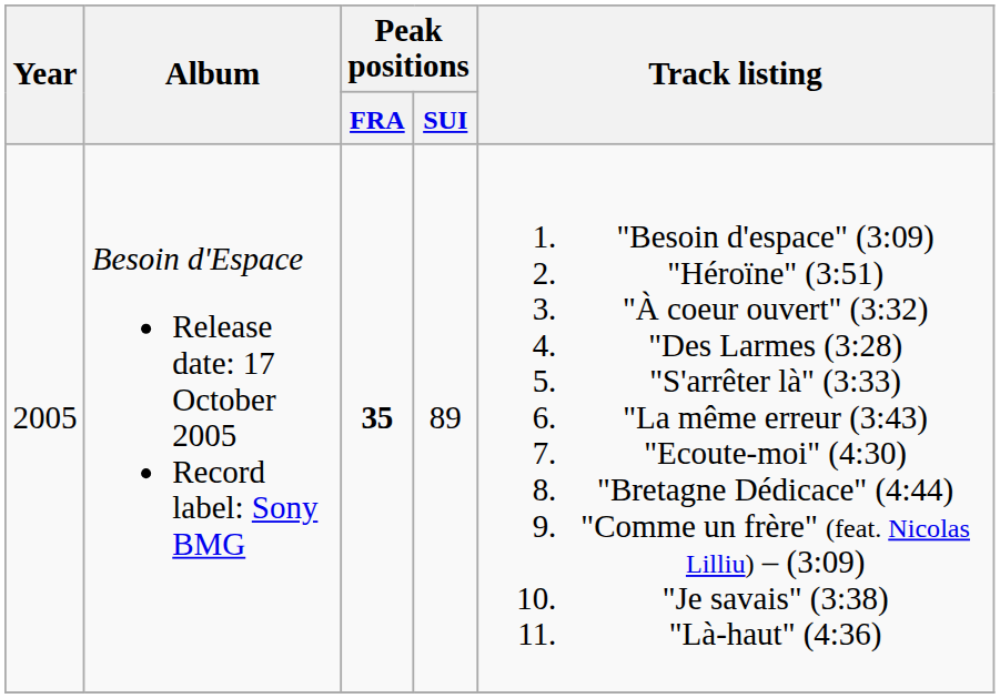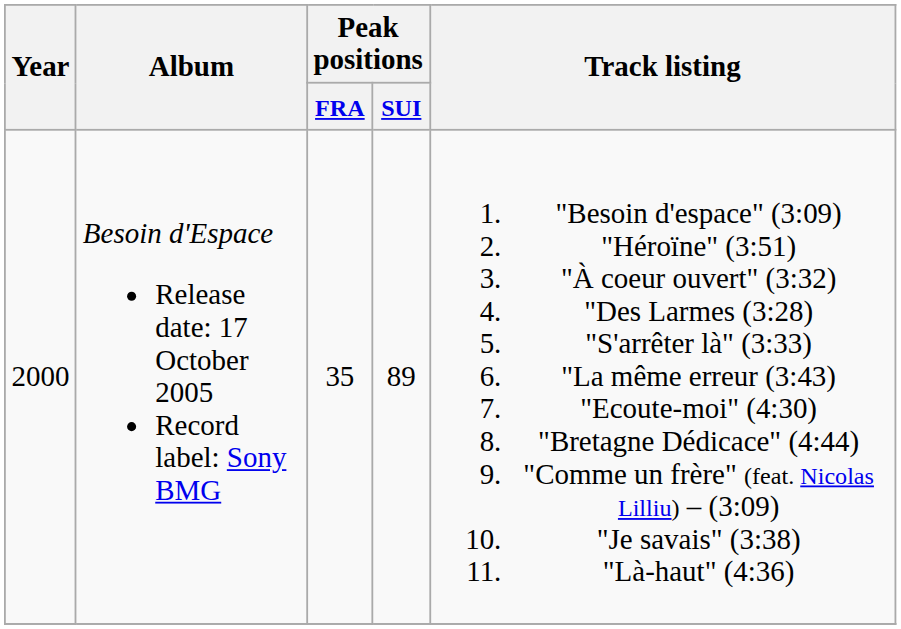 <table class="wikitable">
 <tr>
 <th align="center" rowspan="2" width="10">Year</th>
 <th align="center" rowspan="2" width="120">Album</th>
 <th align="center" colspan="2" width="30">Peak positions</th>
 <th align="center" rowspan="2" width="250">Track listing</th>
 </tr>
 <tr>
 <th width="20"><small><a href='#'>FRA</a><br></small></th>
 <th width="20"><small><a href='#'>SUI</a></small><br></th>
 </tr>
 <tr>
-<td align="center" rowspan="1">2005</td>
+<td align="center" rowspan="1">2000</td>
 <td><em>Besoin d'Espace</em><br><ul><li>Release date: 17 October 2005</li><li>Record label: <a href='#'>Sony BMG</a></li></ul></td>
-<td align="center"><strong>35</strong></td>
+<td align="center">35</td>
 <td align="center">89</td>
 <td align="center"><br><ol><li>"Besoin d'espace" (3:09)</li><li>"Héroïne" (3:51)</li><li>"À coeur ouvert" (3:32)</li><li>"Des Larmes (3:28)</li><li>"S'arrêter là" (3:33)</li><li>"La même erreur (3:43)</li><li>"Ecoute-moi" (4:30)</li><li>"Bretagne Dédicace" (4:44)</li><li>"Comme un frère" <small>(feat. <a href='#'>Nicolas Lilliu</a>)</small> – (3:09)</li><li>"Je savais" (3:38)</li><li>"Là-haut" (4:36)</li></ol></td>
 </tr>
 <tr>
 </tr>
 </table>
